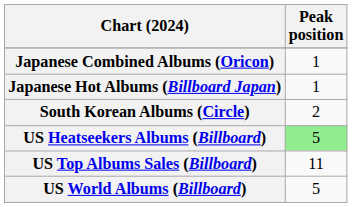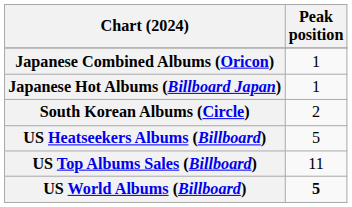 <table class="wikitable plainrowheaders sortable" style="text-align:center">
 <tr>
 <th scope="col">Chart (2024)</th>
 <th scope="col">Peak<br>position</th>
 </tr>
 <tr>
 </tr>
 <tr>
 </tr>
 <tr>
 <th scope="row">Japanese Combined Albums (<a href='#'>Oricon</a>)</th>
 <td>1</td>
 </tr>
 <tr>
 <th scope="row">Japanese Hot Albums (<em><a href='#'>Billboard Japan</a></em>)</th>
 <td>1</td>
 </tr>
 <tr>
 <th scope="row">South Korean Albums (<a href='#'>Circle</a>)</th>
 <td>2</td>
 </tr>
 <tr>
 <th scope="row">US <a href='#'>Heatseekers Albums</a> (<em><a href='#'>Billboard</a></em>)</th>
-<td style="background: lightgreen;">5</td>
+<td>5</td>
 </tr>
 <tr>
 <th scope="row">US <a href='#'>Top Albums Sales</a> (<em><a href='#'>Billboard</a></em>)</th>
 <td>11</td>
 </tr>
 <tr>
 <th scope="row">US <a href='#'>World Albums</a> (<em><a href='#'>Billboard</a></em>)</th>
-<td>5</td>
+<td><strong>5</strong></td>
 </tr>
 </table>
